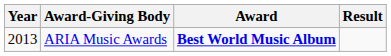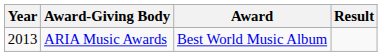 <table class="wikitable">
 <tr>
 <th>Year</th>
 <th>Award-Giving Body</th>
 <th>Award</th>
 <th>Result</th>
 </tr>
 <tr>
 <td rowspan="4">2013</td>
 <td rowspan="1"><a href='#'>ARIA Music Awards</a></td>
-<td><strong><a href='#'>Best World Music Album</a></strong></td>
+<td><a href='#'>Best World Music Album</a></td>
 <td></td>
 </tr>
 </table>
